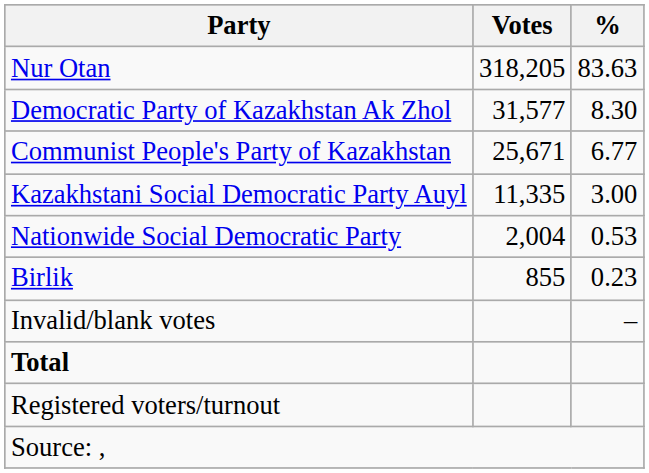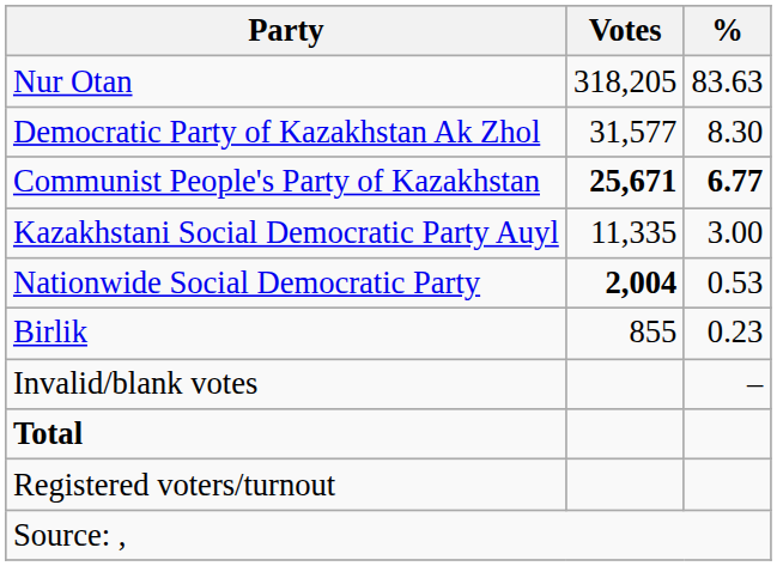 <table class=wikitable style=text-align:right>
 <tr>
 <th>Party</th>
 <th>Votes</th>
 <th>%</th>
 </tr>
 <tr>
 <td align=left><a href='#'>Nur Otan</a></td>
 <td>318,205</td>
 <td>83.63</td>
 </tr>
 <tr>
 <td align=left><a href='#'>Democratic Party of Kazakhstan Ak Zhol</a></td>
 <td>31,577</td>
 <td>8.30</td>
 </tr>
 <tr>
 <td align=left><a href='#'>Communist People's Party of Kazakhstan</a></td>
-<td>25,671</td>
-<td>6.77</td>
+<td><strong>25,671</strong></td>
+<td><strong>6.77</strong></td>
 </tr>
 <tr>
 <td align=left><a href='#'>Kazakhstani Social Democratic Party Auyl</a></td>
 <td>11,335</td>
 <td>3.00</td>
 </tr>
 <tr>
 <td align=left><a href='#'>Nationwide Social Democratic Party</a></td>
-<td>2,004</td>
+<td><strong>2,004</strong></td>
 <td>0.53</td>
 </tr>
 <tr>
 <td align=left><a href='#'>Birlik</a></td>
 <td>855</td>
 <td>0.23</td>
 </tr>
 <tr>
 <td align=left>Invalid/blank votes</td>
 <td></td>
 <td>–</td>
 </tr>
 <tr>
 <td align=left><strong>Total</strong></td>
 <td></td>
 <td></td>
 </tr>
 <tr>
 <td align=left>Registered voters/turnout</td>
 <td></td>
 <td></td>
 </tr>
 <tr>
 <td style="text-align:left;" colspan="5">Source: , </td>
 </tr>
 </table>
